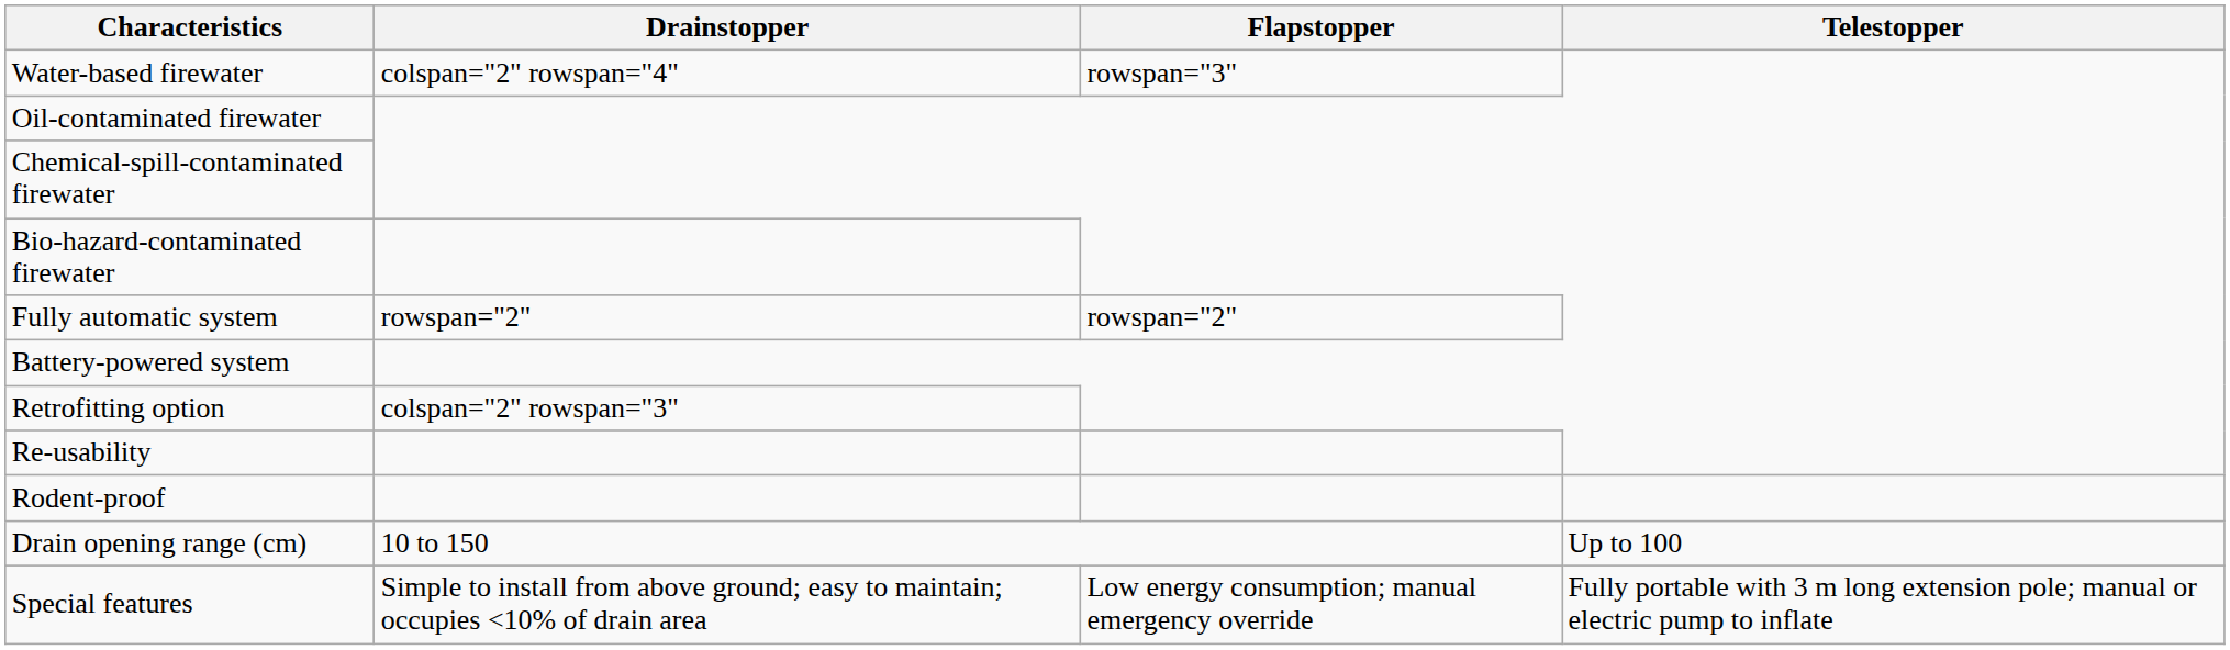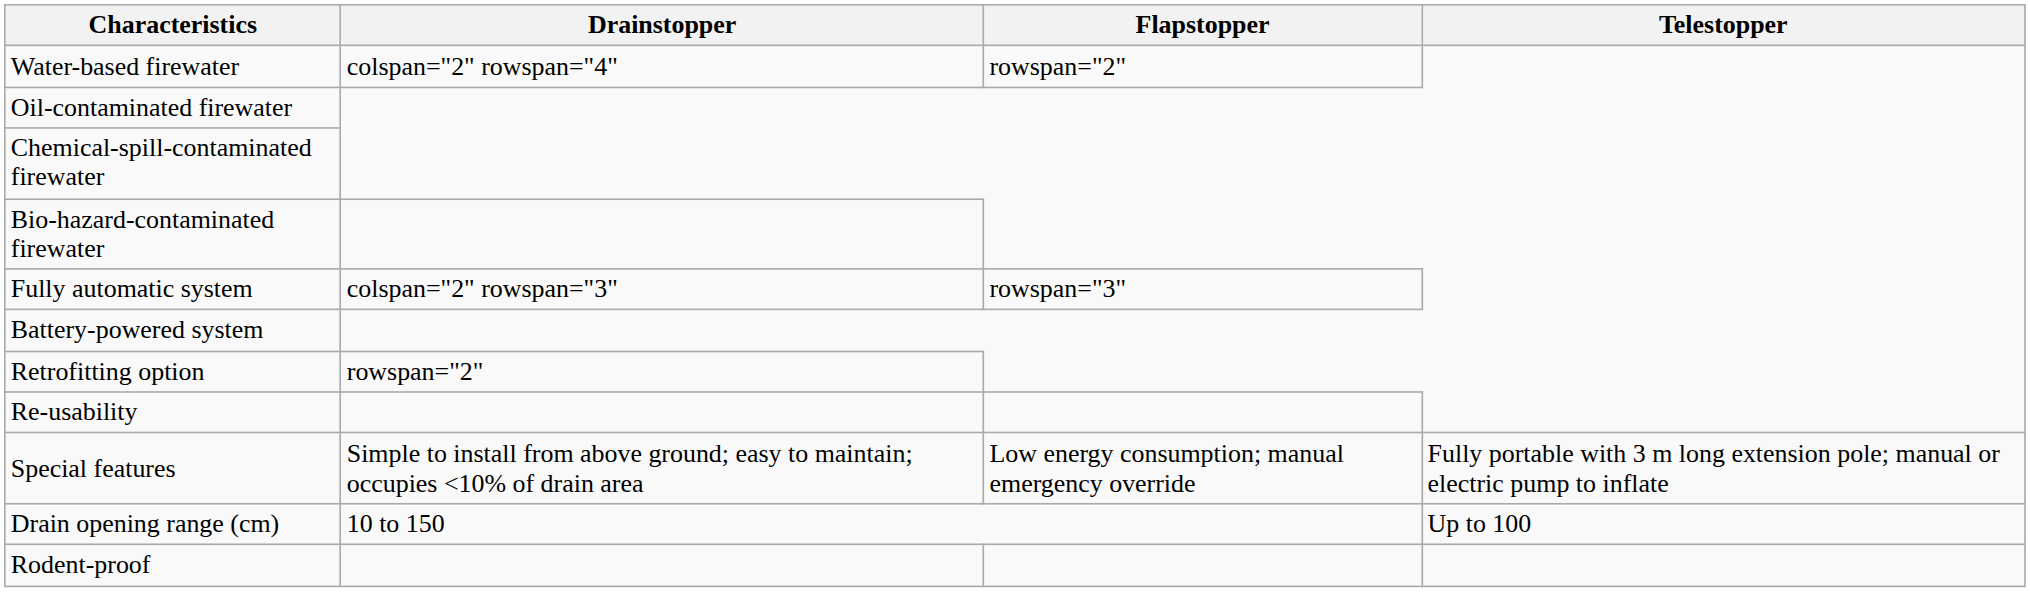 <table class="wikitable">
 <tr>
 <th>Characteristics</th>
 <th>Drainstopper</th>
 <th>Flapstopper</th>
 <th>Telestopper</th>
 </tr>
 <tr>
 <td>Water-based firewater</td>
 <td>colspan="2" rowspan="4" </td>
-<td>rowspan="3" </td>
+<td>rowspan="2" </td>
 </tr>
 <tr>
 <td>Oil-contaminated firewater</td>
 </tr>
 <tr>
 <td>Chemical-spill-contaminated firewater</td>
 </tr>
 <tr>
 <td>Bio-hazard-contaminated firewater</td>
 <td></td>
 </tr>
 <tr>
 <td>Fully automatic system</td>
-<td>rowspan="2" </td>
-<td>rowspan="2" </td>
+<td>colspan="2" rowspan="3" </td>
+<td>rowspan="3" </td>
 </tr>
 <tr>
 <td>Battery-powered system</td>
 </tr>
 <tr>
 <td>Retrofitting option</td>
-<td>colspan="2" rowspan="3" </td>
+<td>rowspan="2" </td>
 </tr>
 <tr>
 <td>Re-usability</td>
 <td></td>
 <td></td>
 </tr>
 <tr>
-<td>Rodent-proof</td>
-<td></td>
-<td></td>
-<td></td>
+<td>Special features</td>
+<td>Simple to install from above ground; easy to maintain; occupies <10% of drain area</td>
+<td>Low energy consumption; manual emergency override</td>
+<td>Fully portable with 3 m long extension pole; manual or electric pump to inflate</td>
 </tr>
 <tr>
 <td>Drain opening range (cm)</td>
 <td colspan="2">10 to 150</td>
 <td>Up to 100</td>
 </tr>
 <tr>
-<td>Special features</td>
-<td>Simple to install from above ground; easy to maintain; occupies <10% of drain area</td>
-<td>Low energy consumption; manual emergency override</td>
-<td>Fully portable with 3 m long extension pole; manual or electric pump to inflate</td>
+<td>Rodent-proof</td>
+<td></td>
+<td></td>
+<td></td>
 </tr>
 </table>
